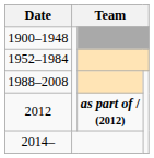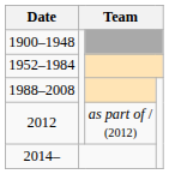 <table class="wikitable" style="text-align:center; font-size:90%;">
 <tr>
 <th>Date</th>
 <th colspan=3>Team</th>
 </tr>
 <tr>
 <td>1900–1948</td>
 <td rowspan=4></td>
 <td colspan=2 style="background:darkgray"></td>
 </tr>
 <tr>
 <td>1952–1984</td>
 <td colspan=2 style="background:moccasin"></td>
 </tr>
 <tr>
 <td>1988–2008</td>
 <td style="background:moccasin"></td>
 <td rowspan=3></td>
 </tr>
 <tr>
 <td>2012</td>
-<td><strong><em>as part of </em> /<br>  <small>(2012)</small></strong></td>
+<td><em>as part of </em> /<br>  <small>(2012)</small></td>
 </tr>
 <tr>
 <td>2014–</td>
 <td colspan=2></td>
 </tr>
 </table>
